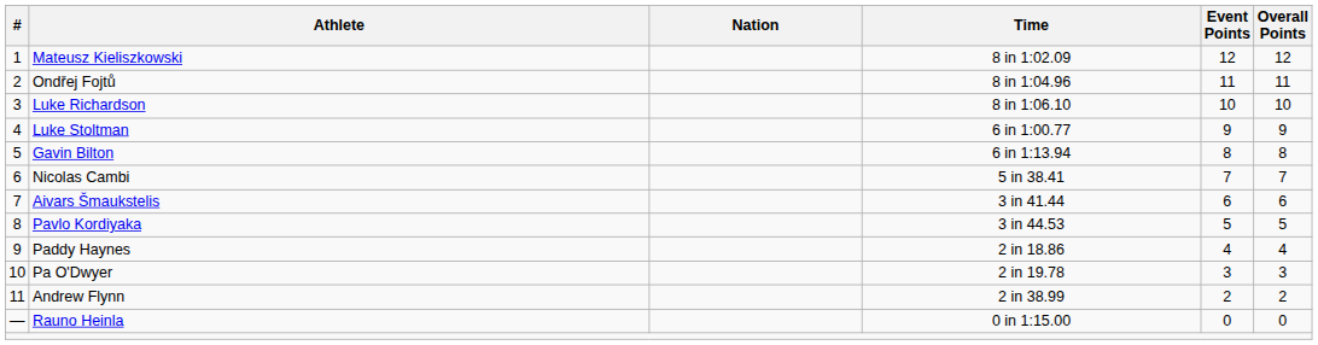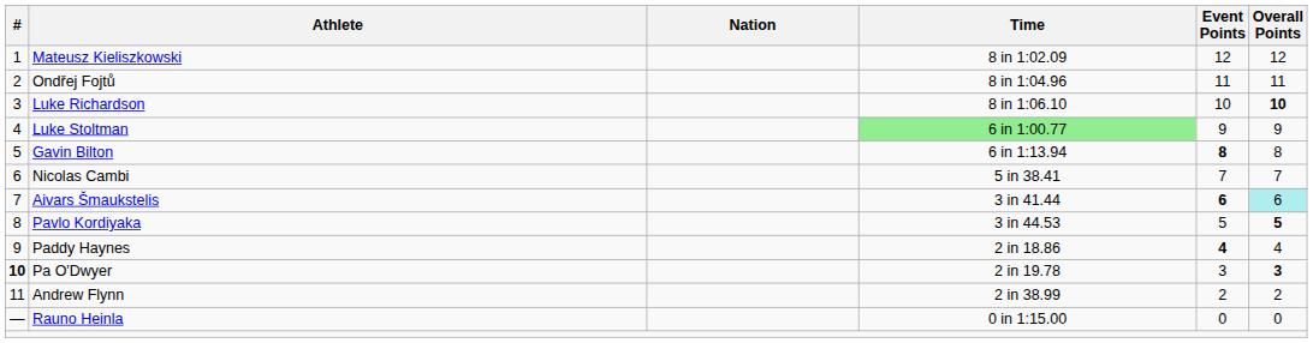 <table class="wikitable sortable" style="text-align:center;width: 70%;">
 <tr>
 <th scope="col" style="width: 10px;">#</th>
 <th scope="col">Athlete</th>
 <th scope="col">Nation</th>
 <th scope="col">Time</th>
 <th scope="col" style="width: 10px;">Event Points</th>
 <th scope="col" style="width: 10px;">Overall Points</th>
 </tr>
 <tr>
 <td>1</td>
 <td align=left><a href='#'>Mateusz Kieliszkowski</a></td>
 <td align=left></td>
 <td>8 in 1:02.09</td>
 <td>12</td>
 <td>12</td>
 </tr>
 <tr>
 <td>2</td>
 <td align=left>Ondřej Fojtů</td>
 <td align=left></td>
 <td>8 in 1:04.96</td>
 <td>11</td>
 <td>11</td>
 </tr>
 <tr>
 <td>3</td>
 <td align=left><a href='#'>Luke Richardson</a></td>
 <td align=left></td>
 <td>8 in 1:06.10</td>
 <td>10</td>
-<td>10</td>
+<td><strong>10</strong></td>
 </tr>
 <tr>
 <td>4</td>
 <td align=left><a href='#'>Luke Stoltman</a></td>
 <td align=left></td>
-<td>6 in 1:00.77</td>
+<td style="background: lightgreen;">6 in 1:00.77</td>
 <td>9</td>
 <td>9</td>
 </tr>
 <tr>
 <td>5</td>
 <td align=left><a href='#'>Gavin Bilton</a></td>
 <td align=left></td>
 <td>6 in 1:13.94</td>
-<td>8</td>
+<td><strong>8</strong></td>
 <td>8</td>
 </tr>
 <tr>
 <td>6</td>
 <td align=left>Nicolas Cambi</td>
 <td align=left></td>
 <td>5 in 38.41</td>
 <td>7</td>
 <td>7</td>
 </tr>
 <tr>
 <td>7</td>
 <td align=left><a href='#'>Aivars Šmaukstelis</a></td>
 <td align=left></td>
 <td>3 in 41.44</td>
-<td>6</td>
-<td>6</td>
+<td><strong>6</strong></td>
+<td style="background: paleturquoise;">6</td>
 </tr>
 <tr>
 <td>8</td>
 <td align=left><a href='#'>Pavlo Kordiyaka</a></td>
 <td align=left></td>
 <td>3 in 44.53</td>
 <td>5</td>
-<td>5</td>
+<td><strong>5</strong></td>
 </tr>
 <tr>
 <td>9</td>
 <td align=left>Paddy Haynes</td>
 <td align=left></td>
 <td>2 in 18.86</td>
-<td>4</td>
+<td><strong>4</strong></td>
 <td>4</td>
 </tr>
 <tr>
-<td>10</td>
+<td><strong>10</strong></td>
 <td align=left>Pa O'Dwyer</td>
 <td align=left></td>
 <td>2 in 19.78</td>
 <td>3</td>
-<td>3</td>
+<td><strong>3</strong></td>
 </tr>
 <tr>
 <td>11</td>
 <td align=left>Andrew Flynn</td>
 <td align=left></td>
 <td>2 in 38.99</td>
 <td>2</td>
 <td>2</td>
 </tr>
 <tr>
 <td>—</td>
 <td align=left><a href='#'>Rauno Heinla</a></td>
 <td align=left></td>
 <td>0 in 1:15.00</td>
 <td>0</td>
 <td>0</td>
 </tr>
 <tr class="sortbottom">
 <td colspan="6"></td>
 </tr>
 </table>
